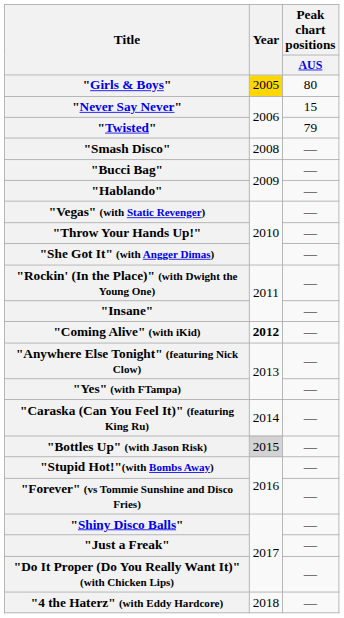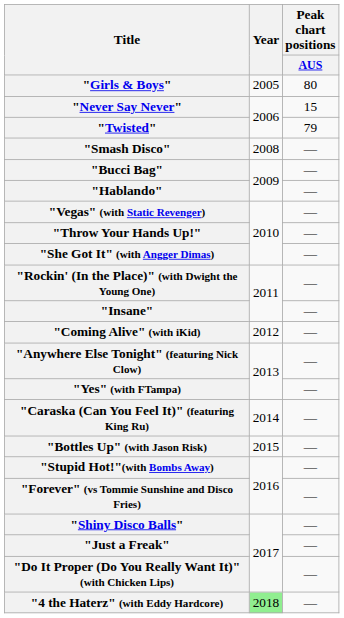 <table class="wikitable plainrowheaders" style="text-align:center;">
 <tr>
 <th scope="col" rowspan="2" style="width:18em;">Title</th>
 <th scope="col" rowspan="2" style="width:1em;">Year</th>
 <th scope="col" colspan="1">Peak chart positions</th>
 </tr>
 <tr>
 <th scope="col" style="width:3em;font-size:90%;"><a href='#'>AUS</a><br></th>
 </tr>
 <tr>
 <th scope="row">"<a href='#'>Girls & Boys</a>"</th>
-<td style="background: gold;">2005</td>
+<td>2005</td>
 <td>80</td>
 </tr>
 <tr>
 <th scope="row">"<a href='#'>Never Say Never</a>"</th>
 <td rowspan="2">2006</td>
 <td>15</td>
 </tr>
 <tr>
 <th scope="row">"<a href='#'>Twisted</a>"</th>
 <td>79</td>
 </tr>
 <tr>
 <th scope="row">"Smash Disco"</th>
 <td>2008</td>
 <td>—</td>
 </tr>
 <tr>
 <th scope="row">"Bucci Bag"</th>
 <td rowspan="2">2009</td>
 <td>—</td>
 </tr>
 <tr>
 <th scope="row">"Hablando"</th>
 <td>—</td>
 </tr>
 <tr>
 <th scope="row">"Vegas" <small>(with <a href='#'>Static Revenger</a>)</small></th>
 <td rowspan="3">2010</td>
 <td>—</td>
 </tr>
 <tr>
 <th scope="row">"Throw Your Hands Up!"</th>
 <td>—</td>
 </tr>
 <tr>
 <th scope="row">"She Got It" <small>(with <a href='#'>Angger Dimas</a>)</small></th>
 <td>—</td>
 </tr>
 <tr>
 <th scope="row">"Rockin' (In the Place)" <small>(with Dwight the Young One)</small></th>
 <td rowspan="2">2011</td>
 <td>—</td>
 </tr>
 <tr>
 <th scope="row">"Insane" </th>
 <td>—</td>
 </tr>
 <tr>
 <th scope="row">"Coming Alive" <small>(with iKid)</small></th>
-<td><strong>2012</strong></td>
+<td>2012</td>
 <td>—</td>
 </tr>
 <tr>
 <th scope="row">"Anywhere Else Tonight" <small>(featuring Nick Clow)</small></th>
 <td rowspan="2">2013</td>
 <td>—</td>
 </tr>
 <tr>
 <th scope="row">"Yes" <small>(with FTampa)</small></th>
 <td>—</td>
 </tr>
 <tr>
 <th scope="row">"Caraska (Can You Feel It)" <small>(featuring King Ru)</small></th>
 <td>2014</td>
 <td>—</td>
 </tr>
 <tr>
 <th scope="row">"Bottles Up" <small>(with Jason Risk)</small></th>
-<td style="background: lightgrey;">2015</td>
+<td>2015</td>
 <td>—</td>
 </tr>
 <tr>
 <th scope="row">"Stupid Hot!"<small>(with <a href='#'>Bombs Away</a>)</small> </th>
 <td rowspan="2">2016</td>
 <td>—</td>
 </tr>
 <tr>
 <th scope="row">"Forever" <small>(vs Tommie Sunshine and Disco Fries)</small></th>
 <td>—</td>
 </tr>
 <tr>
 <th scope="row">"<a href='#'>Shiny Disco Balls</a>"</th>
 <td rowspan="3">2017</td>
 <td>—</td>
 </tr>
 <tr>
 <th scope="row">"Just a Freak"</th>
 <td>—</td>
 </tr>
 <tr>
 <th scope="row">"Do It Proper (Do You Really Want It)"<small>(with Chicken Lips)</small></th>
 <td>—</td>
 </tr>
 <tr>
 <th scope="row">"4 the Haterz" <small>(with Eddy Hardcore)</small></th>
-<td>2018</td>
+<td style="background: lightgreen;">2018</td>
 <td>—</td>
 </tr>
 </table>
